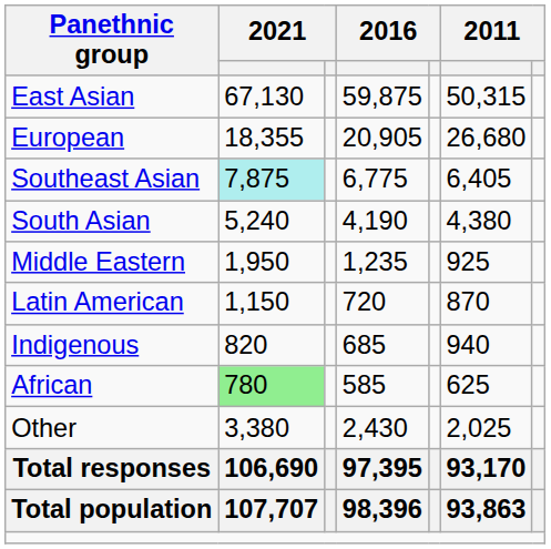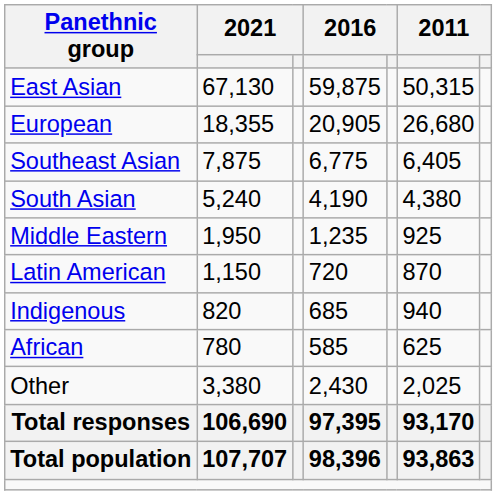 <table class="wikitable collapsible sortable">
 <tr>
 <th rowspan="2"><a href='#'>Panethnic</a><br>group</th>
 <th colspan="2">2021</th>
 <th colspan="2">2016</th>
 <th colspan="2">2011</th>
 </tr>
 <tr>
 <th><a href='#'></a></th>
 <th></th>
 <th></th>
 <th></th>
 <th></th>
 <th></th>
 </tr>
 <tr>
 <td><a href='#'>East Asian</a></td>
 <td>67,130</td>
 <td></td>
 <td>59,875</td>
 <td></td>
 <td>50,315</td>
 <td></td>
 </tr>
 <tr>
 <td><a href='#'>European</a></td>
 <td>18,355</td>
 <td></td>
 <td>20,905</td>
 <td></td>
 <td>26,680</td>
 <td></td>
 </tr>
 <tr>
 <td><a href='#'>Southeast Asian</a></td>
-<td style="background: paleturquoise;">7,875</td>
+<td>7,875</td>
 <td></td>
 <td>6,775</td>
 <td></td>
 <td>6,405</td>
 <td></td>
 </tr>
 <tr>
 <td><a href='#'>South Asian</a></td>
 <td>5,240</td>
 <td></td>
 <td>4,190</td>
 <td></td>
 <td>4,380</td>
 <td></td>
 </tr>
 <tr>
 <td><a href='#'>Middle Eastern</a></td>
 <td>1,950</td>
 <td></td>
 <td>1,235</td>
 <td></td>
 <td>925</td>
 <td></td>
 </tr>
 <tr>
 <td><a href='#'>Latin American</a></td>
 <td>1,150</td>
 <td></td>
 <td>720</td>
 <td></td>
 <td>870</td>
 <td></td>
 </tr>
 <tr>
 <td><a href='#'>Indigenous</a></td>
 <td>820</td>
 <td></td>
 <td>685</td>
 <td></td>
 <td>940</td>
 <td></td>
 </tr>
 <tr>
 <td><a href='#'>African</a></td>
-<td style="background: lightgreen;">780</td>
+<td>780</td>
 <td></td>
 <td>585</td>
 <td></td>
 <td>625</td>
 <td></td>
 </tr>
 <tr>
 <td>Other</td>
 <td>3,380</td>
 <td></td>
 <td>2,430</td>
 <td></td>
 <td>2,025</td>
 <td></td>
 </tr>
 <tr>
 <th>Total responses</th>
 <th>106,690</th>
 <th></th>
 <th>97,395</th>
 <th></th>
 <th>93,170</th>
 <th></th>
 </tr>
 <tr>
 <th>Total population</th>
 <th>107,707</th>
 <th></th>
 <th>98,396</th>
 <th></th>
 <th>93,863</th>
 <th></th>
 </tr>
 <tr class="sortbottom">
 <td colspan="15"></td>
 </tr>
 </table>
